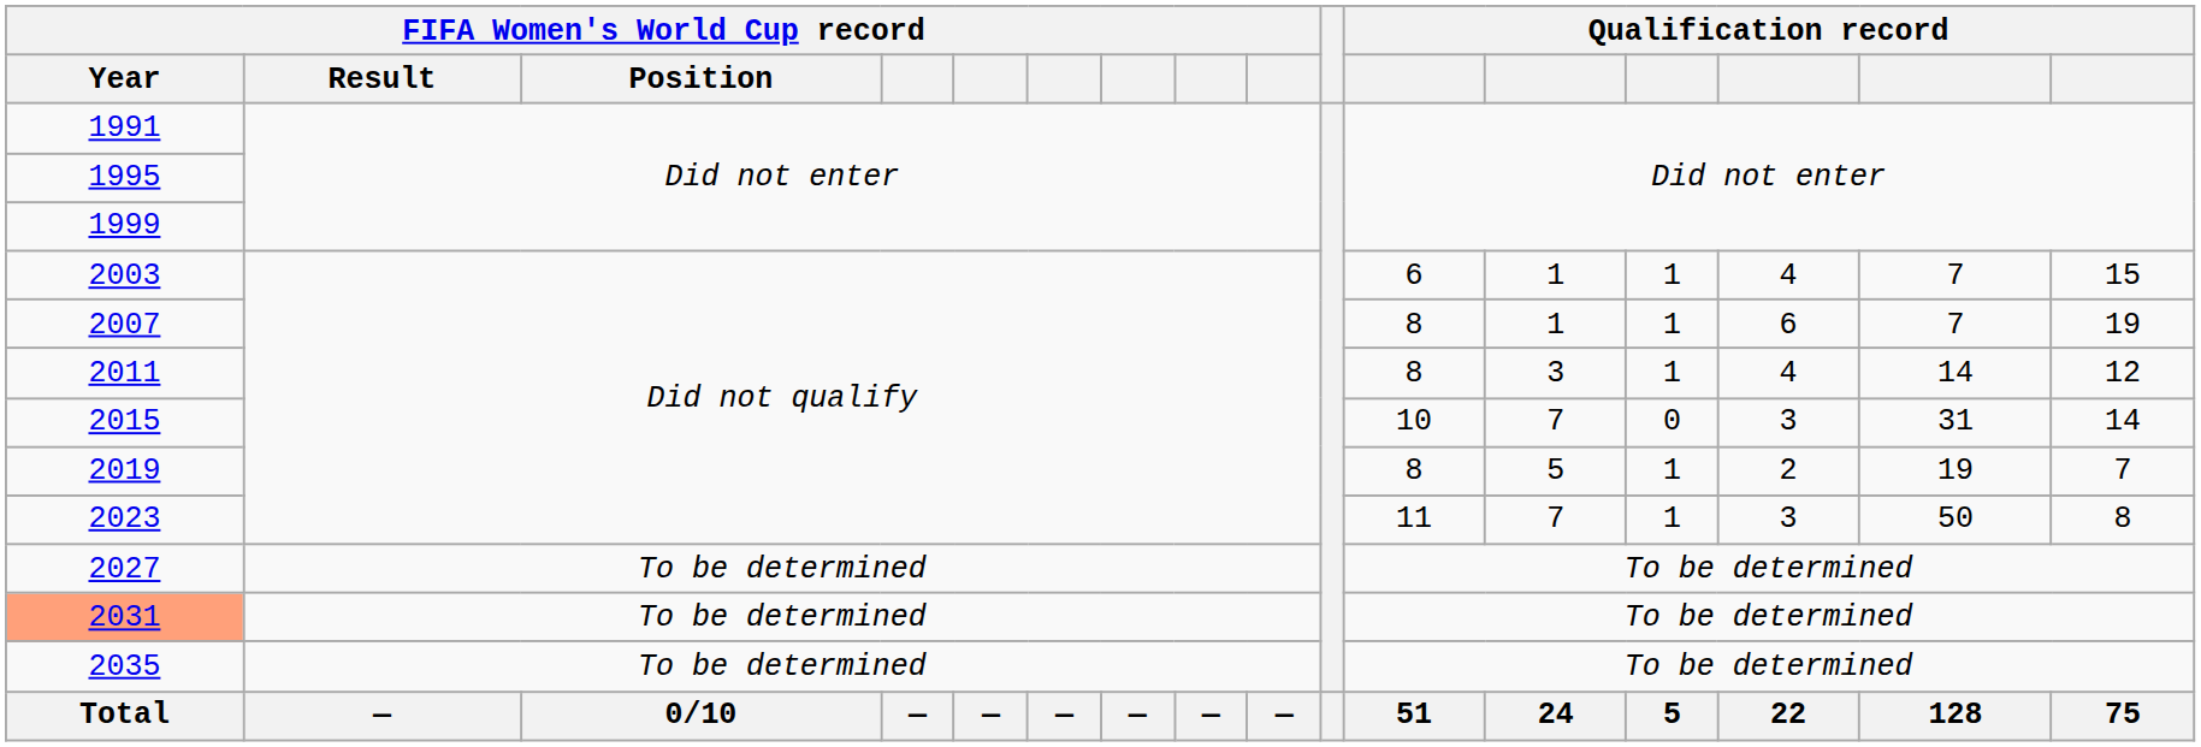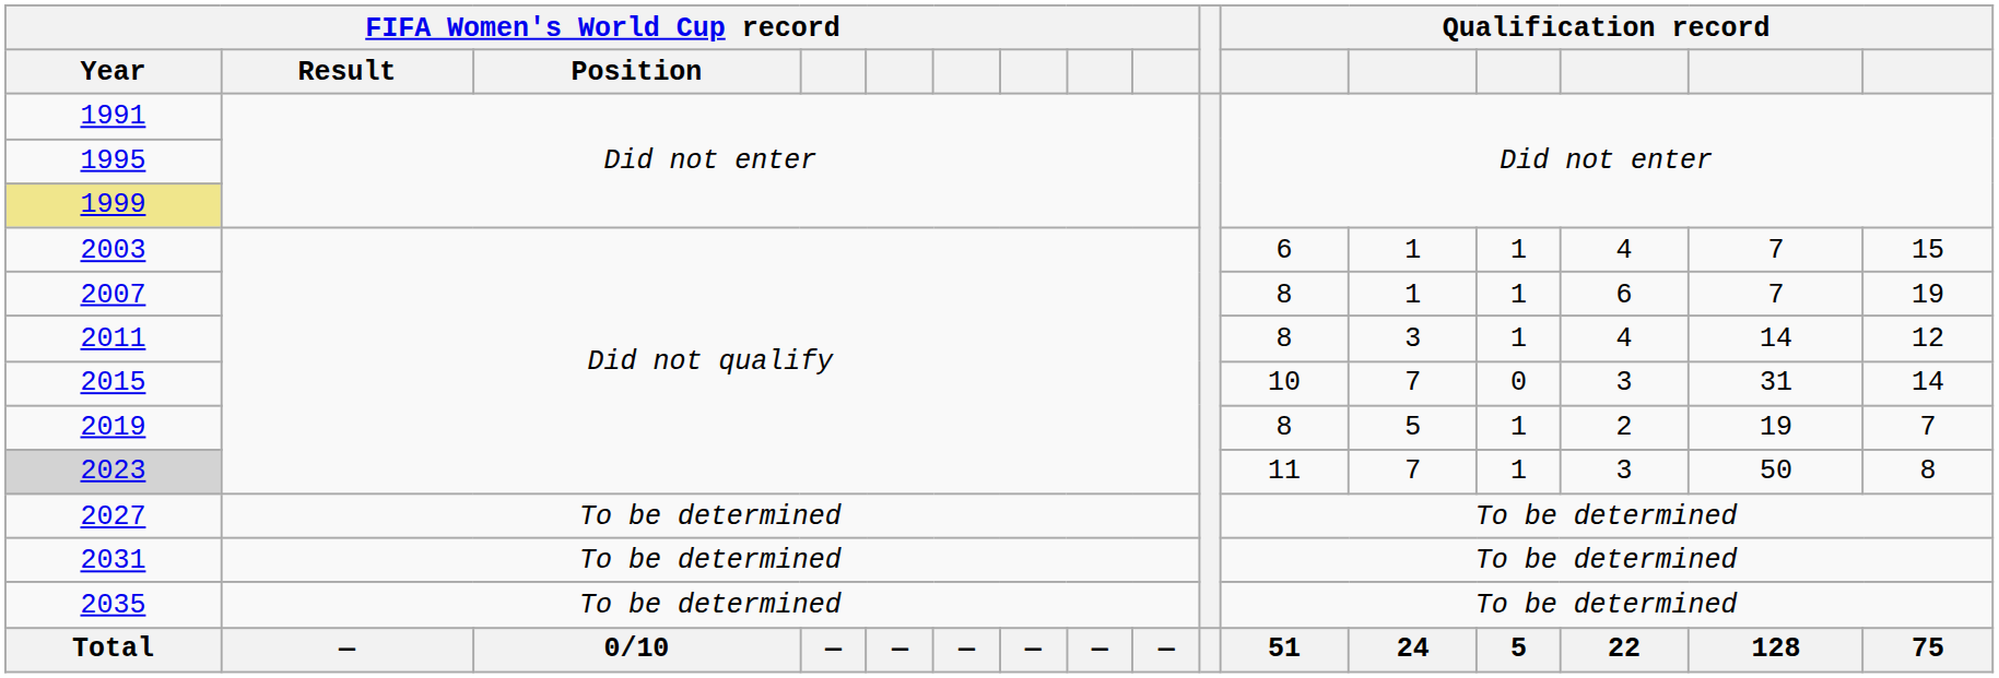 <table class="wikitable" style="text-align: center; width:75%;">
 <tr>
 <th colspan=9><a href='#'>FIFA Women's World Cup</a> record</th>
 <th width=1% rowspan=2></th>
 <th colspan=7>Qualification record</th>
 </tr>
 <tr>
 <th>Year</th>
 <th>Result</th>
 <th>Position</th>
 <th></th>
 <th></th>
 <th></th>
 <th></th>
 <th></th>
 <th></th>
 <th></th>
 <th></th>
 <th></th>
 <th></th>
 <th></th>
 <th></th>
 </tr>
 <tr>
 <td> <a href='#'>1991</a></td>
 <td colspan=8 rowspan=3><em>Did not enter</em></td>
 <th width=1% rowspan=12></th>
 <td colspan=8 rowspan=3><em>Did not enter</em></td>
 </tr>
 <tr>
 <td> <a href='#'>1995</a></td>
 </tr>
 <tr>
-<td> <a href='#'>1999</a></td>
+<td style="background: khaki;"> <a href='#'>1999</a></td>
 </tr>
 <tr>
 <td> <a href='#'>2003</a></td>
 <td colspan=8 rowspan=6><em>Did not qualify</em></td>
 <td>6</td>
 <td>1</td>
 <td>1</td>
 <td>4</td>
 <td>7</td>
 <td>15</td>
 </tr>
 <tr>
 <td> <a href='#'>2007</a></td>
 <td>8</td>
 <td>1</td>
 <td>1</td>
 <td>6</td>
 <td>7</td>
 <td>19</td>
 </tr>
 <tr>
 <td> <a href='#'>2011</a></td>
 <td>8</td>
 <td>3</td>
 <td>1</td>
 <td>4</td>
 <td>14</td>
 <td>12</td>
 </tr>
 <tr>
 <td> <a href='#'>2015</a></td>
 <td>10</td>
 <td>7</td>
 <td>0</td>
 <td>3</td>
 <td>31</td>
 <td>14</td>
 </tr>
 <tr>
 <td> <a href='#'>2019</a></td>
 <td>8</td>
 <td>5</td>
 <td>1</td>
 <td>2</td>
 <td>19</td>
 <td>7</td>
 </tr>
 <tr>
-<td> <a href='#'>2023</a></td>
+<td style="background: lightgrey;"> <a href='#'>2023</a></td>
 <td>11</td>
 <td>7</td>
 <td>1</td>
 <td>3</td>
 <td>50</td>
 <td>8</td>
 </tr>
 <tr>
 <td> <a href='#'>2027</a></td>
 <td colspan=8><em>To be determined</em></td>
 <td colspan=8><em>To be determined</em></td>
 </tr>
 <tr>
-<td style="background: lightsalmon;"> <a href='#'>2031</a></td>
+<td> <a href='#'>2031</a></td>
 <td colspan=8><em>To be determined</em></td>
 <td colspan=8><em>To be determined</em></td>
 </tr>
 <tr>
 <td> <a href='#'>2035</a></td>
 <td colspan=8><em>To be determined</em></td>
 <td colspan=8><em>To be determined</em></td>
 </tr>
 <tr>
 <th>Total</th>
 <th>—</th>
 <th>0/10</th>
 <th>—</th>
 <th>—</th>
 <th>—</th>
 <th>—</th>
 <th>—</th>
 <th>—</th>
 <th width=1%></th>
 <th>51</th>
 <th>24</th>
 <th>5</th>
 <th>22</th>
 <th>128</th>
 <th>75</th>
 </tr>
 </table>
